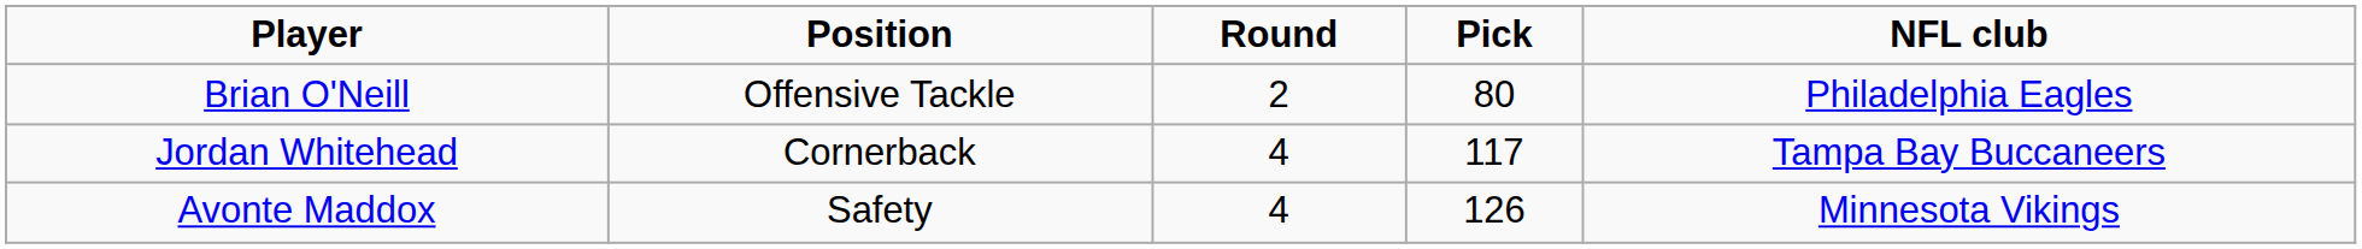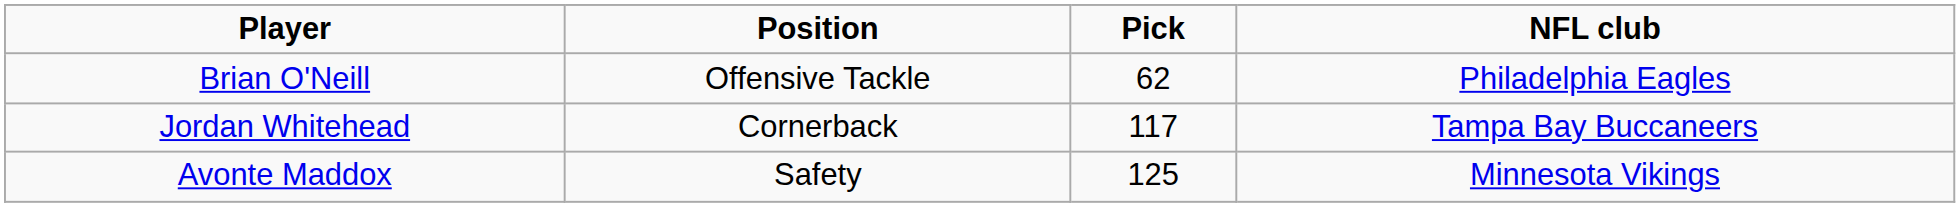 <table class="wikitable" style="width:80%;">
 <tr style="text-align:center; ">
 <td><strong>Player</strong></td>
 <td><strong>Position</strong></td>
-<td><strong>Round</strong></td>
 <td><strong>Pick</strong></td>
 <td><strong>NFL club</strong></td>
 </tr>
 <tr align="center" bgcolor="">
 <td><a href='#'>Brian O'Neill</a></td>
 <td>Offensive Tackle</td>
-<td>2</td>
-<td>80</td>
+<td>62</td>
 <td><a href='#'>Philadelphia Eagles</a></td>
 </tr>
 <tr align="center" bgcolor="">
 <td><a href='#'>Jordan Whitehead</a></td>
 <td>Cornerback</td>
-<td>4</td>
 <td>117</td>
 <td><a href='#'>Tampa Bay Buccaneers</a></td>
 </tr>
 <tr align="center" bgcolor="">
 <td><a href='#'>Avonte Maddox</a></td>
 <td>Safety</td>
-<td>4</td>
-<td>126</td>
+<td>125</td>
 <td><a href='#'>Minnesota Vikings</a></td>
 </tr>
 </table>
